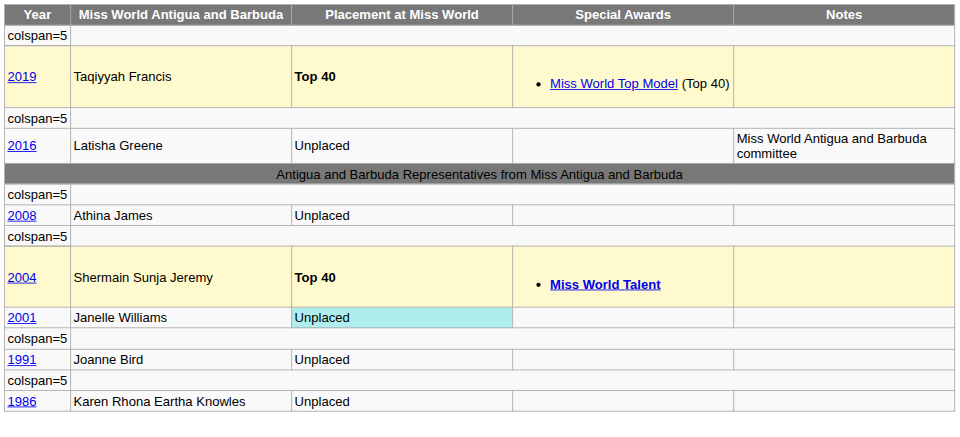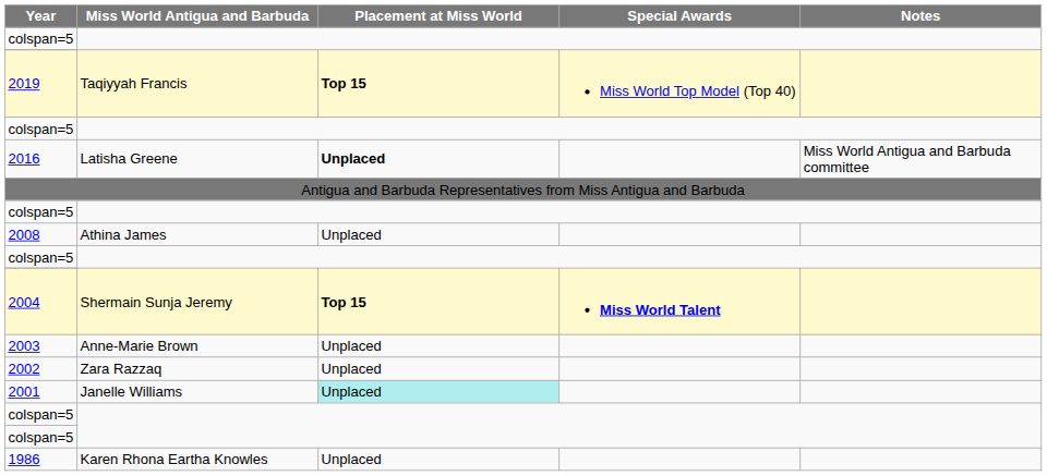 <table class="wikitable " style="font-size: 95%;">
 <tr>
 <th width="60" style="background-color:#787878;color:#FFFFFF;">Year</th>
 <th width="250" style="background-color:#787878;color:#FFFFFF;">Miss World Antigua and Barbuda</th>
 <th width="250" style="background-color:#787878;color:#FFFFFF;">Placement at Miss World</th>
 <th width="250" style="background-color:#787878;color:#FFFFFF;">Special Awards</th>
 <th width="250" style="background-color:#787878;color:#FFFFFF;">Notes</th>
 </tr>
 <tr>
 <td>colspan=5 </td>
 </tr>
 <tr>
 </tr>
 <tr style="background-color:#FFFACD;">
 <td><a href='#'>2019</a></td>
 <td>Taqiyyah Francis</td>
-<td><strong>Top 40</strong></td>
+<td><strong>Top 15</strong></td>
 <td align="left"><br><ul><li><a href='#'>Miss World Top Model</a> (Top 40)</li></ul></td>
 <td></td>
 </tr>
 <tr>
 <td>colspan=5 </td>
 </tr>
 <tr>
 <td><a href='#'>2016</a></td>
 <td>Latisha Greene</td>
-<td>Unplaced</td>
+<td><strong>Unplaced</strong></td>
 <td></td>
 <td>Miss World Antigua and Barbuda committee</td>
 </tr>
 <tr>
 </tr>
 <tr bgcolor="#787878" align="center">
 <td colspan="5"><span>Antigua and Barbuda Representatives from Miss Antigua and Barbuda</span></td>
 </tr>
 <tr>
 <td>colspan=5 </td>
 </tr>
 <tr>
 <td><a href='#'>2008</a></td>
 <td>Athina James</td>
 <td>Unplaced</td>
 <td></td>
 <td></td>
 </tr>
 <tr>
 <td>colspan=5 </td>
 </tr>
 <tr>
 </tr>
 <tr style="background-color:#FFFACD;">
 <td><a href='#'>2004</a></td>
 <td>Shermain Sunja Jeremy</td>
-<td><strong>Top 40</strong></td>
+<td><strong>Top 15</strong></td>
 <td align="left"><br><ul><li><strong><a href='#'>Miss World Talent</a></strong></li></ul></td>
+<td></td>
+</tr>
+<tr>
+<td><a href='#'>2003</a></td>
+<td>Anne-Marie Brown</td>
+<td>Unplaced</td>
+<td></td>
+<td></td>
+</tr>
+<tr>
+<td><a href='#'>2002</a></td>
+<td>Zara Razzaq</td>
+<td>Unplaced</td>
+<td></td>
 <td></td>
 </tr>
 <tr>
 <td><a href='#'>2001</a></td>
 <td>Janelle Williams</td>
 <td style="background: paleturquoise;">Unplaced</td>
 <td></td>
 <td></td>
 </tr>
 <tr>
 <td>colspan=5 </td>
 </tr>
 <tr>
-<td><a href='#'>1991</a></td>
-<td>Joanne Bird</td>
-<td>Unplaced</td>
-<td></td>
-<td></td>
-</tr>
-<tr>
 <td>colspan=5 </td>
 </tr>
 <tr>
 <td><a href='#'>1986</a></td>
 <td>Karen Rhona Eartha Knowles</td>
 <td>Unplaced</td>
 <td></td>
 <td></td>
 </tr>
 </table>
